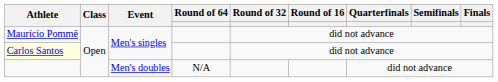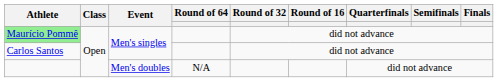 <table class=wikitable style="font-size:90%">
 <tr>
 <th rowspan="2">Athlete</th>
 <th rowspan="2">Class</th>
 <th rowspan="2">Event</th>
 <th>Round of 64</th>
 <th>Round of 32</th>
 <th>Round of 16</th>
 <th>Quarterfinals</th>
 <th>Semifinals</th>
 <th>Finals</th>
 </tr>
 <tr>
 <th style="line-height:2em"></th>
 <th style="line-height:2em"></th>
 <th style="line-height:2em"></th>
 <th style="line-height:2em"></th>
 <th style="line-height:2em"></th>
 <th style="line-height:2em"></th>
 </tr>
 <tr>
-<td><a href='#'>Maurício Pommê</a></td>
+<td style="background: lightgreen;"><a href='#'>Maurício Pommê</a></td>
 <td rowspan="3" style="text-align:center;">Open</td>
 <td rowspan="2"><a href='#'>Men's singles</a></td>
 <td style="text-align:center;"> </td>
 <td style="text-align:center;" colspan="5">did not advance</td>
 </tr>
 <tr>
-<td style="background: lightyellow;"><a href='#'>Carlos Santos</a></td>
+<td><a href='#'>Carlos Santos</a></td>
 <td style="text-align:center;"> </td>
 <td style="text-align:center;" colspan="5">did not advance</td>
 </tr>
 <tr>
 <td></td>
 <td><a href='#'>Men's doubles</a></td>
 <td style="text-align:center;">N/A</td>
 <td style="text-align:center;"></td>
 <td style="text-align:center;"></td>
 <td style="text-align:center;" colspan="3">did not advance</td>
 </tr>
 </table>
